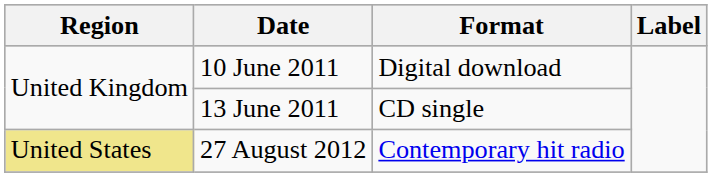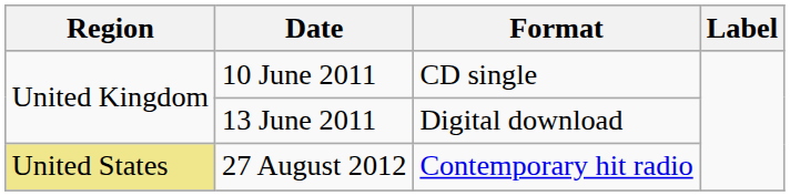 <table class="wikitable">
 <tr>
 <th>Region</th>
 <th>Date</th>
 <th>Format</th>
 <th>Label</th>
 </tr>
 <tr>
 <td rowspan="2">United Kingdom</td>
 <td>10 June 2011</td>
-<td>Digital download</td>
+<td>CD single</td>
 <td rowspan="3"></td>
 </tr>
 <tr>
 <td>13 June 2011</td>
-<td>CD single</td>
+<td>Digital download</td>
 </tr>
 <tr>
 <td style="background: khaki;">United States</td>
 <td>27 August 2012</td>
 <td><a href='#'>Contemporary hit radio</a></td>
 </tr>
 </table>
